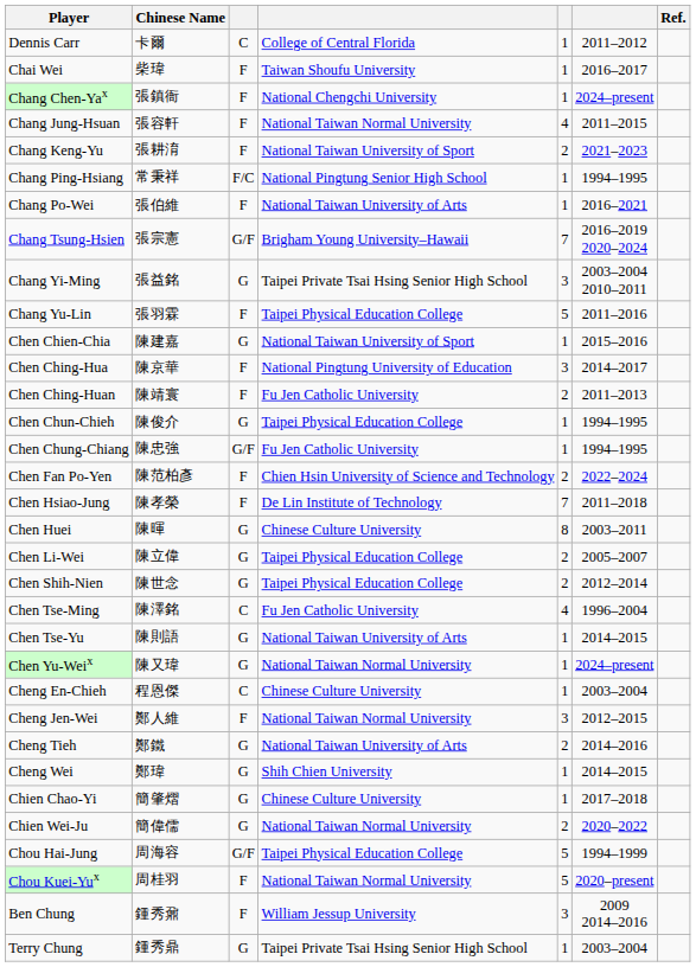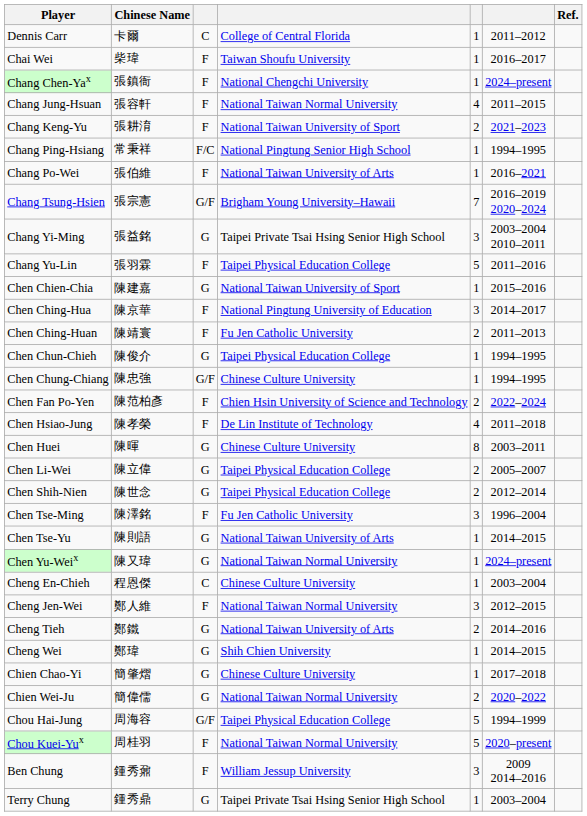 <table class="wikitable sortable" style="font-size:95%; text-align:left;">
 <tr>
 <th>Player</th>
 <th>Chinese Name</th>
 <th></th>
 <th></th>
 <th></th>
 <th></th>
 <th>Ref.</th>
 </tr>
 <tr>
 <td>Dennis Carr</td>
 <td>卡爾</td>
 <td align="center">C</td>
 <td><a href='#'>College of Central Florida</a></td>
 <td align="center">1</td>
 <td align="center">2011–2012</td>
 <td></td>
 </tr>
 <tr>
 <td>Chai Wei</td>
 <td>柴瑋</td>
 <td align="center">F</td>
 <td><a href='#'>Taiwan Shoufu University</a></td>
 <td align="center">1</td>
 <td align="center">2016–2017</td>
 <td></td>
 </tr>
 <tr>
 <td bgcolor="#CCFFCC">Chang Chen-Ya<sup>x</sup></td>
 <td>張鎮衙</td>
 <td align="center">F</td>
 <td><a href='#'>National Chengchi University</a></td>
 <td align="center">1</td>
 <td align="center"><a href='#'>2024–present</a></td>
 <td></td>
 </tr>
 <tr>
 <td>Chang Jung-Hsuan</td>
 <td>張容軒</td>
 <td align="center">F</td>
 <td><a href='#'>National Taiwan Normal University</a></td>
 <td align="center">4</td>
 <td align="center">2011–2015</td>
 <td></td>
 </tr>
 <tr>
 <td>Chang Keng-Yu</td>
 <td>張耕淯</td>
 <td align="center">F</td>
 <td><a href='#'>National Taiwan University of Sport</a></td>
 <td align="center">2</td>
 <td align="center"><a href='#'>2021</a>–<a href='#'>2023</a></td>
 <td></td>
 </tr>
 <tr>
 <td>Chang Ping-Hsiang</td>
 <td>常秉祥</td>
 <td align="center">F/C</td>
 <td><a href='#'>National Pingtung Senior High School</a></td>
 <td align="center">1</td>
 <td align="center">1994–1995</td>
 <td></td>
 </tr>
 <tr>
 <td>Chang Po-Wei</td>
 <td>張伯維</td>
 <td align="center">F</td>
 <td><a href='#'>National Taiwan University of Arts</a></td>
 <td align="center">1</td>
 <td align="center">2016–<a href='#'>2021</a></td>
 <td></td>
 </tr>
 <tr>
 <td><a href='#'>Chang Tsung-Hsien</a></td>
 <td>張宗憲</td>
 <td align="center">G/F</td>
 <td><a href='#'>Brigham Young University–Hawaii</a></td>
 <td align="center">7</td>
 <td align="center">2016–2019<br><a href='#'>2020</a>–<a href='#'>2024</a></td>
 <td></td>
 </tr>
 <tr>
 <td>Chang Yi-Ming</td>
 <td>張益銘</td>
 <td align="center">G</td>
 <td>Taipei Private Tsai Hsing Senior High School</td>
 <td align="center">3</td>
 <td align="center">2003–2004<br>2010–2011</td>
 <td></td>
 </tr>
 <tr>
 <td>Chang Yu-Lin</td>
 <td>張羽霖</td>
 <td align="center">F</td>
 <td><a href='#'>Taipei Physical Education College</a></td>
 <td align="center">5</td>
 <td align="center">2011–2016</td>
 <td></td>
 </tr>
 <tr>
 <td>Chen Chien-Chia</td>
 <td>陳建嘉</td>
 <td align="center">G</td>
 <td><a href='#'>National Taiwan University of Sport</a></td>
 <td align="center">1</td>
 <td align="center">2015–2016</td>
 <td></td>
 </tr>
 <tr>
 <td>Chen Ching-Hua</td>
 <td>陳京華</td>
 <td align="center">F</td>
 <td><a href='#'>National Pingtung University of Education</a></td>
 <td align="center">3</td>
 <td align="center">2014–2017</td>
 <td></td>
 </tr>
 <tr>
 <td>Chen Ching-Huan</td>
 <td>陳靖寰</td>
 <td align="center">F</td>
 <td><a href='#'>Fu Jen Catholic University</a></td>
 <td align="center">2</td>
 <td align="center">2011–2013</td>
 <td></td>
 </tr>
 <tr>
 <td>Chen Chun-Chieh</td>
 <td>陳俊介</td>
 <td align="center">G</td>
 <td><a href='#'>Taipei Physical Education College</a></td>
 <td align="center">1</td>
 <td align="center">1994–1995</td>
 <td></td>
 </tr>
 <tr>
 <td>Chen Chung-Chiang</td>
 <td>陳忠強</td>
 <td align="center">G/F</td>
-<td><a href='#'>Fu Jen Catholic University</a></td>
+<td><a href='#'>Chinese Culture University</a></td>
 <td align="center">1</td>
 <td align="center">1994–1995</td>
 <td></td>
 </tr>
 <tr>
 <td>Chen Fan Po-Yen</td>
 <td>陳范柏彥</td>
 <td align="center">F</td>
 <td><a href='#'>Chien Hsin University of Science and Technology</a></td>
 <td align="center">2</td>
 <td align="center"><a href='#'>2022</a>–<a href='#'>2024</a></td>
 <td></td>
 </tr>
 <tr>
 <td>Chen Hsiao-Jung</td>
 <td>陳孝榮</td>
 <td align="center">F</td>
 <td><a href='#'>De Lin Institute of Technology</a></td>
-<td align="center">7</td>
+<td align="center">4</td>
 <td align="center">2011–2018</td>
 <td></td>
 </tr>
 <tr>
 <td>Chen Huei</td>
 <td>陳暉</td>
 <td align="center">G</td>
 <td><a href='#'>Chinese Culture University</a></td>
 <td align="center">8</td>
 <td align="center">2003–2011</td>
 <td></td>
 </tr>
 <tr>
 <td>Chen Li-Wei</td>
 <td>陳立偉</td>
 <td align="center">G</td>
 <td><a href='#'>Taipei Physical Education College</a></td>
 <td align="center">2</td>
 <td align="center">2005–2007</td>
 <td></td>
 </tr>
 <tr>
 <td>Chen Shih-Nien</td>
 <td>陳世念</td>
 <td align="center">G</td>
 <td><a href='#'>Taipei Physical Education College</a></td>
 <td align="center">2</td>
 <td align="center">2012–2014</td>
 <td></td>
 </tr>
 <tr>
 <td>Chen Tse-Ming</td>
 <td>陳澤銘</td>
-<td align="center">C</td>
+<td align="center">F</td>
 <td><a href='#'>Fu Jen Catholic University</a></td>
-<td align="center">4</td>
+<td align="center">3</td>
 <td align="center">1996–2004</td>
 <td></td>
 </tr>
 <tr>
 <td>Chen Tse-Yu</td>
 <td>陳則語</td>
 <td align="center">G</td>
 <td><a href='#'>National Taiwan University of Arts</a></td>
 <td align="center">1</td>
 <td align="center">2014–2015</td>
 <td></td>
 </tr>
 <tr>
 <td bgcolor="#CCFFCC">Chen Yu-Wei<sup>x</sup></td>
 <td>陳又瑋</td>
 <td align="center">G</td>
 <td><a href='#'>National Taiwan Normal University</a></td>
 <td align="center">1</td>
 <td align="center"><a href='#'>2024–present</a></td>
 <td></td>
 </tr>
 <tr>
 <td>Cheng En-Chieh</td>
 <td>程恩傑</td>
 <td align="center">C</td>
 <td><a href='#'>Chinese Culture University</a></td>
 <td align="center">1</td>
 <td align="center">2003–2004</td>
 <td></td>
 </tr>
 <tr>
 <td>Cheng Jen-Wei</td>
 <td>鄭人維</td>
 <td align="center">F</td>
 <td><a href='#'>National Taiwan Normal University</a></td>
 <td align="center">3</td>
 <td align="center">2012–2015</td>
 <td></td>
 </tr>
 <tr>
 <td>Cheng Tieh</td>
 <td>鄭鐵</td>
 <td align="center">G</td>
 <td><a href='#'>National Taiwan University of Arts</a></td>
 <td align="center">2</td>
 <td align="center">2014–2016</td>
 <td></td>
 </tr>
 <tr>
 <td>Cheng Wei</td>
 <td>鄭瑋</td>
 <td align="center">G</td>
 <td><a href='#'>Shih Chien University</a></td>
 <td align="center">1</td>
 <td align="center">2014–2015</td>
 <td></td>
 </tr>
 <tr>
 <td>Chien Chao-Yi</td>
 <td>簡肇熠</td>
 <td align="center">G</td>
 <td><a href='#'>Chinese Culture University</a></td>
 <td align="center">1</td>
 <td align="center">2017–2018</td>
 <td></td>
 </tr>
 <tr>
 <td>Chien Wei-Ju</td>
 <td>簡偉儒</td>
 <td align="center">G</td>
 <td><a href='#'>National Taiwan Normal University</a></td>
 <td align="center">2</td>
 <td align="center"><a href='#'>2020</a>–<a href='#'>2022</a></td>
 <td></td>
 </tr>
 <tr>
 <td>Chou Hai-Jung</td>
 <td>周海容</td>
 <td align="center">G/F</td>
 <td><a href='#'>Taipei Physical Education College</a></td>
 <td align="center">5</td>
 <td align="center">1994–1999</td>
 <td></td>
 </tr>
 <tr>
 <td bgcolor="#CCFFCC"><a href='#'>Chou Kuei-Yu</a><sup>x</sup></td>
 <td>周桂羽</td>
 <td align="center">F</td>
 <td><a href='#'>National Taiwan Normal University</a></td>
 <td align="center">5</td>
 <td align="center"><a href='#'>2020</a>–<a href='#'>present</a></td>
 <td></td>
 </tr>
 <tr>
 <td>Ben Chung</td>
 <td>鍾秀鼐</td>
 <td align="center">F</td>
 <td><a href='#'>William Jessup University</a></td>
 <td align="center">3</td>
 <td align="center">2009<br>2014–2016</td>
 <td></td>
 </tr>
 <tr>
 <td>Terry Chung</td>
 <td>鍾秀鼎</td>
 <td align="center">G</td>
 <td>Taipei Private Tsai Hsing Senior High School</td>
 <td align="center">1</td>
 <td align="center">2003–2004</td>
 <td></td>
 </tr>
 </table>
